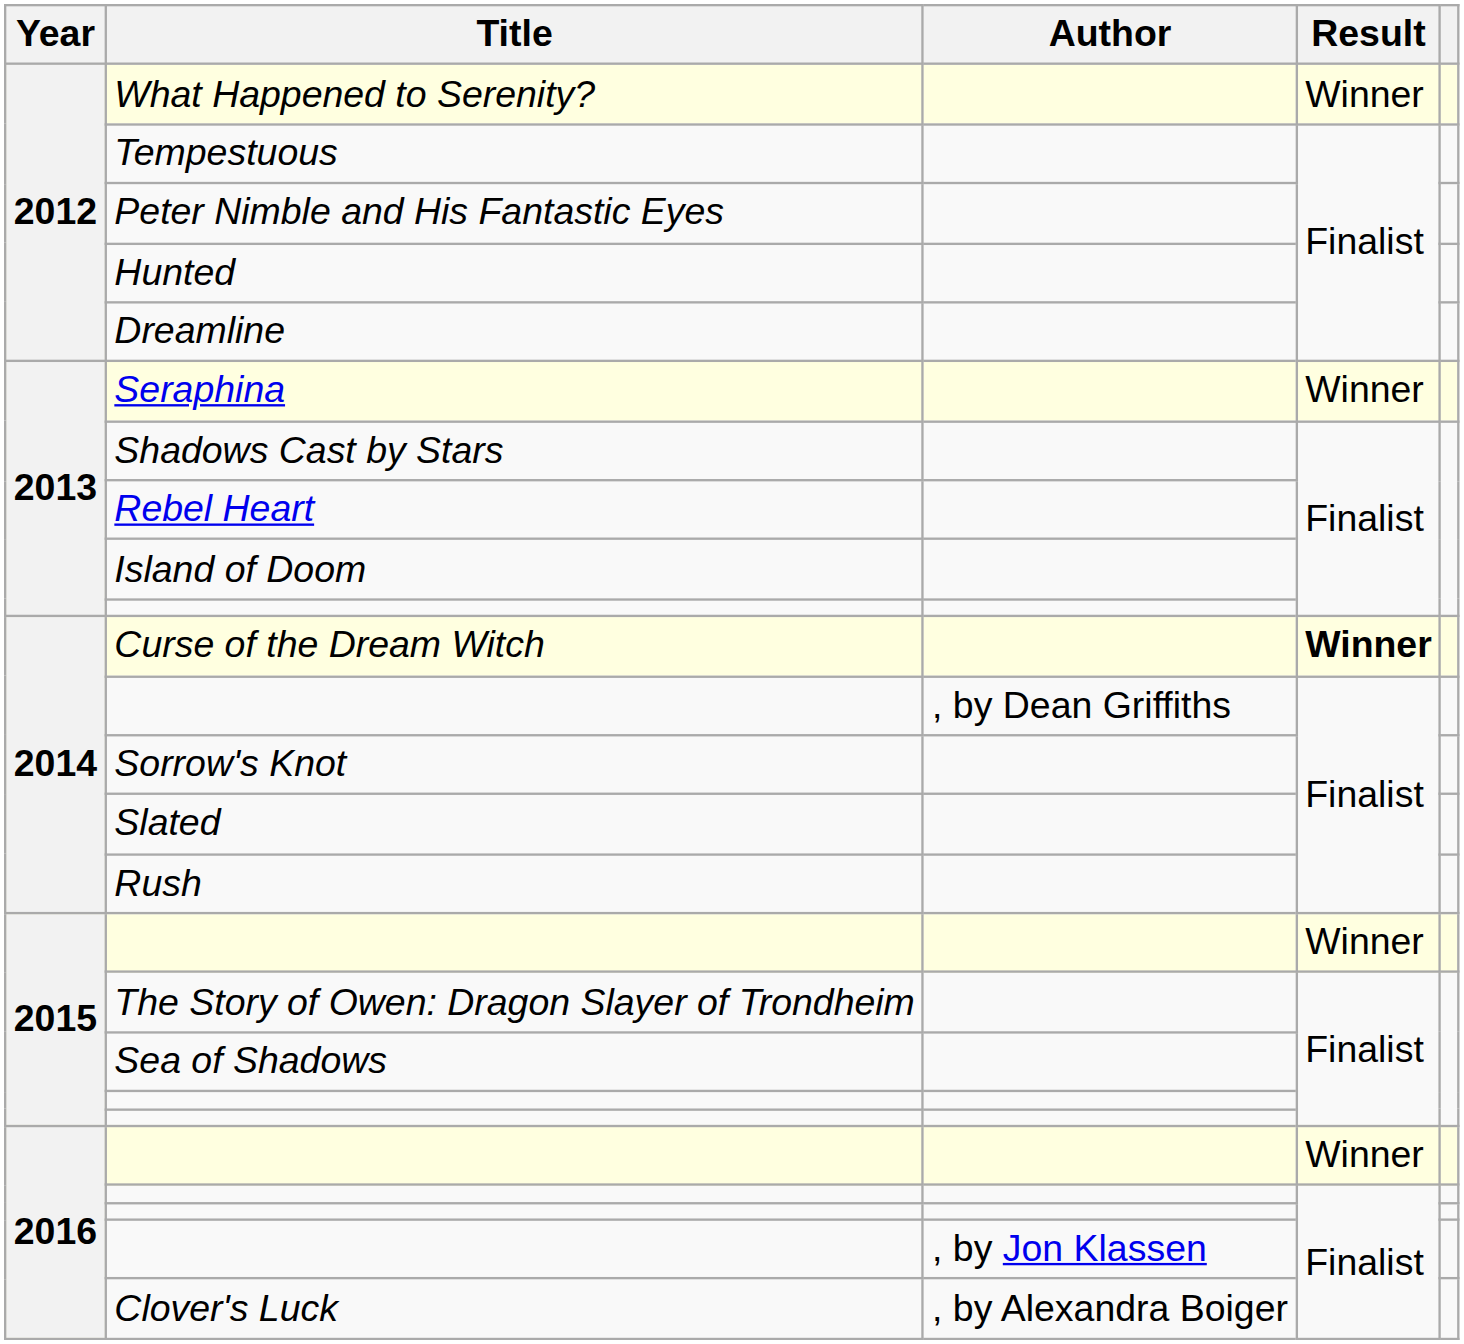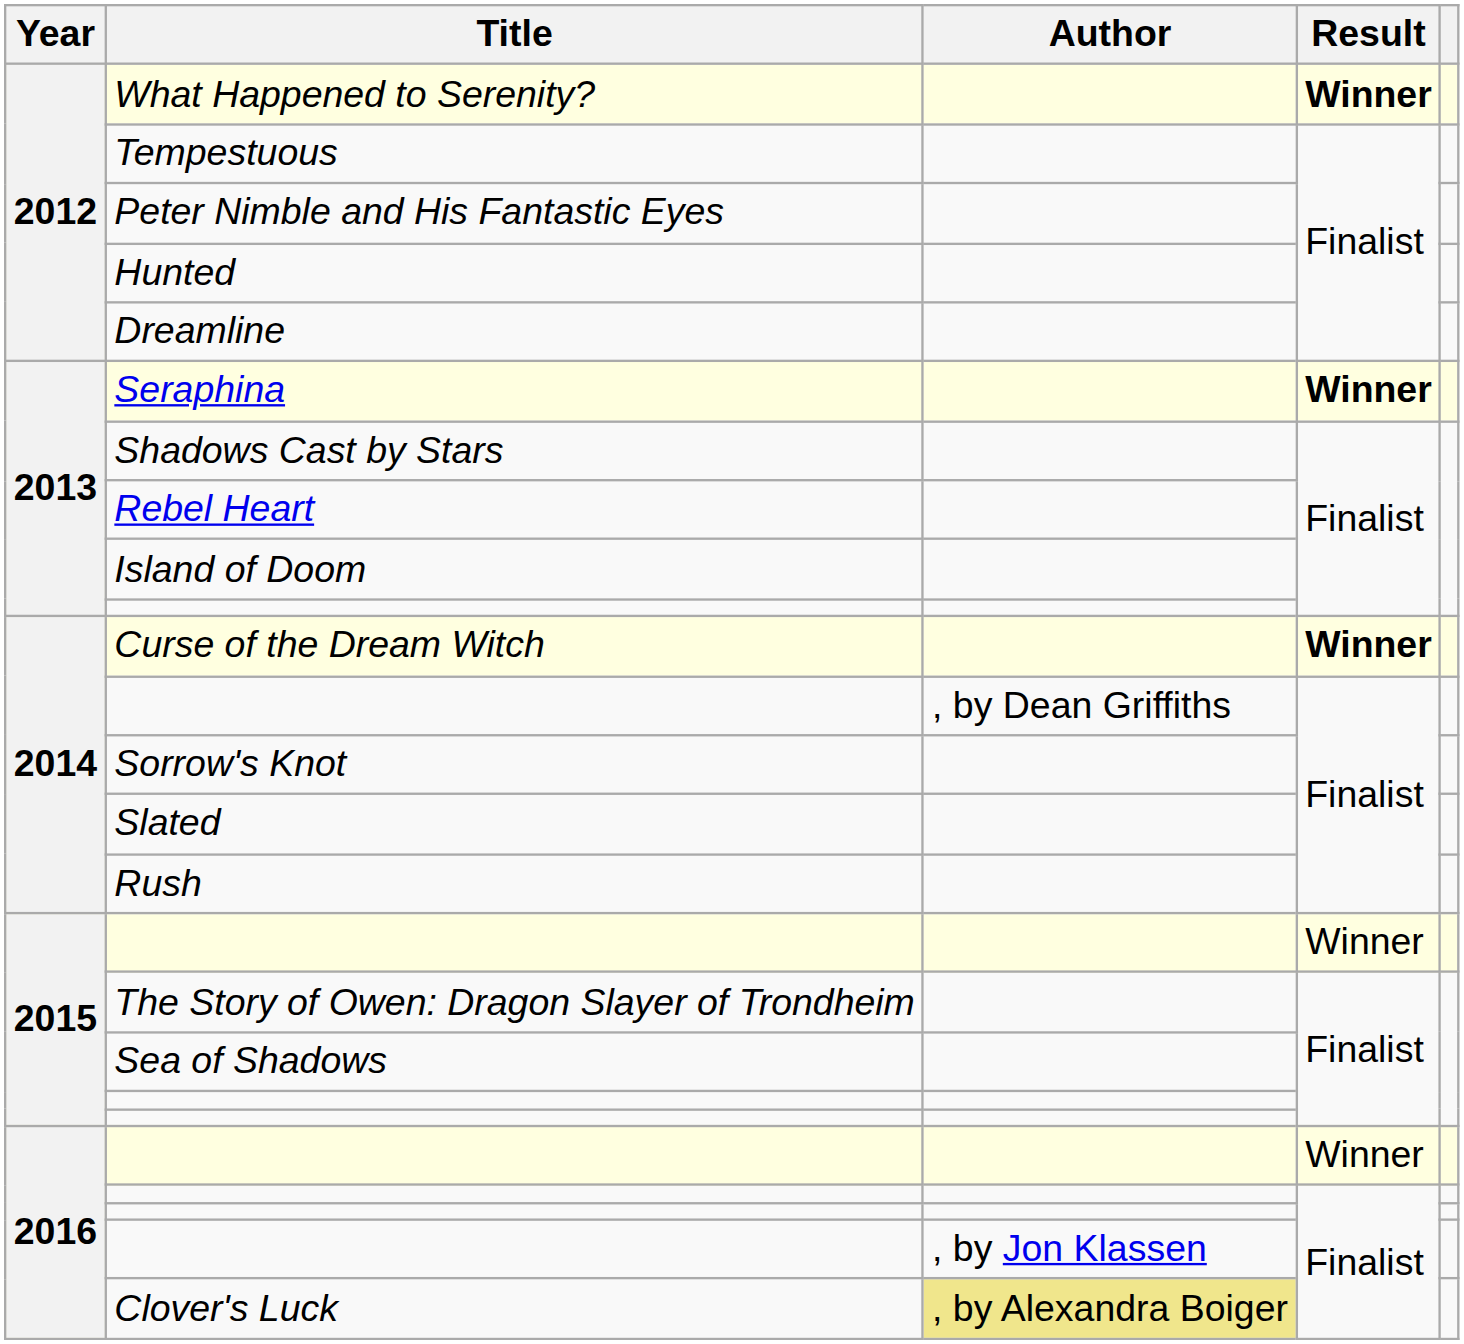 <table class="wikitable">
 <tr>
 <th scope="col">Year</th>
 <th scope="col">Title</th>
 <th scope="col">Author</th>
 <th scope="col">Result</th>
 <th scope="col"></th>
 </tr>
 <tr scope="row" style="background:lightyellow">
 <th rowspan="5">2012</th>
 <td><em>What Happened to Serenity?</em></td>
 <td></td>
-<td>Winner</td>
+<td><strong>Winner</strong></td>
 <td></td>
 </tr>
 <tr scope="row">
 <td><em>Tempestuous</em></td>
 <td></td>
 <td rowspan="4">Finalist</td>
 <td></td>
 </tr>
 <tr scope="row">
 <td><em>Peter Nimble and His Fantastic Eyes</em></td>
 <td></td>
 <td></td>
 </tr>
 <tr scope="row">
 <td><em>Hunted</em></td>
 <td></td>
 <td></td>
 </tr>
 <tr scope="row">
 <td><em>Dreamline</em></td>
 <td></td>
 <td></td>
 </tr>
 <tr scope="row" style="background:lightyellow">
 <th rowspan="5">2013</th>
 <td><em><a href='#'>Seraphina</a></em></td>
 <td></td>
-<td>Winner</td>
+<td><strong>Winner</strong></td>
 <td></td>
 </tr>
 <tr scope="row">
 <td><em>Shadows Cast by Stars</em></td>
 <td></td>
 <td rowspan="4">Finalist</td>
 <td rowspan="4"></td>
 </tr>
 <tr scope="row">
 <td><em><a href='#'>Rebel Heart</a></em></td>
 <td></td>
 </tr>
 <tr scope="row">
 <td><em>Island of Doom</em></td>
 <td></td>
 </tr>
 <tr scope="row">
 <td></td>
 <td></td>
 </tr>
 <tr scope="row" style="background:lightyellow">
 <th rowspan="5">2014</th>
 <td><em>Curse of the Dream Witch</em></td>
 <td></td>
 <td><strong>Winner</strong></td>
 <td></td>
 </tr>
 <tr scope="row">
 <td></td>
 <td>,  by Dean Griffiths</td>
 <td rowspan="4">Finalist</td>
 <td></td>
 </tr>
 <tr scope="row">
 <td><em>Sorrow's Knot</em></td>
 <td></td>
 <td></td>
 </tr>
 <tr scope="row">
 <td><em>Slated</em></td>
 <td></td>
 <td></td>
 </tr>
 <tr scope="row">
 <td><em>Rush</em></td>
 <td></td>
 <td></td>
 </tr>
 <tr scope="row" style="background:lightyellow">
 <th rowspan="5">2015</th>
 <td></td>
 <td></td>
 <td>Winner</td>
 <td></td>
 </tr>
 <tr scope="row">
 <td><em>The Story of Owen: Dragon Slayer of Trondheim</em></td>
 <td></td>
 <td rowspan="4">Finalist</td>
 <td rowspan="4"></td>
 </tr>
 <tr scope="row">
 <td><em>Sea of Shadows</em></td>
 <td></td>
 </tr>
 <tr scope="row">
 <td></td>
 <td></td>
 </tr>
 <tr scope="row">
 <td></td>
 <td></td>
 </tr>
 <tr scope="row" style="background:lightyellow">
 <th rowspan="5">2016</th>
 <td></td>
 <td></td>
 <td>Winner</td>
 <td></td>
 </tr>
 <tr scope="row">
 <td></td>
 <td></td>
 <td rowspan="4">Finalist</td>
 <td></td>
 </tr>
 <tr scope="row">
 <td></td>
 <td></td>
 <td></td>
 </tr>
 <tr scope="row">
 <td><em></em></td>
 <td>,  by <a href='#'>Jon Klassen</a></td>
 <td></td>
 </tr>
 <tr scope="row">
 <td><em>Clover's Luck</em></td>
-<td>,  by Alexandra Boiger</td>
+<td style="background: khaki;">,  by Alexandra Boiger</td>
 <td></td>
 </tr>
 </table>
